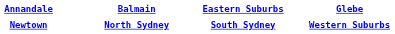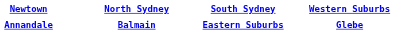 <table class="toccolours" style="margin:auto; text-valign:center;" cellpadding="3" cellspacing="2">
 <tr>
 <th width=185></th>
 <th width=185></th>
 <th width=185></th>
 <th width=185></th>
 </tr>
 <tr>
+<td align="center"><strong><a href='#'>Newtown</a></strong><br></td>
+<td align="center"><strong><a href='#'>North Sydney</a></strong><br></td>
+<td align="center"><strong><a href='#'>South Sydney</a></strong><br></td>
+<td align="center"><strong><a href='#'>Western Suburbs</a></strong><br></td>
+</tr>
+<tr>
 <td align="center"><strong><a href='#'>Annandale</a></strong><br></td>
 <td align="center"><strong><a href='#'>Balmain</a></strong><br></td>
 <td align="center"><strong><a href='#'>Eastern Suburbs</a></strong><br></td>
 <td align="center"><strong><a href='#'>Glebe</a></strong><br></td>
 </tr>
-<tr>
-<td align="center"><strong><a href='#'>Newtown</a></strong><br></td>
-<td align="center"><strong><a href='#'>North Sydney</a></strong><br></td>
-<td align="center"><strong><a href='#'>South Sydney</a></strong><br></td>
-<td align="center"><strong><a href='#'>Western Suburbs</a></strong><br></td>
-</tr>
 </table>
